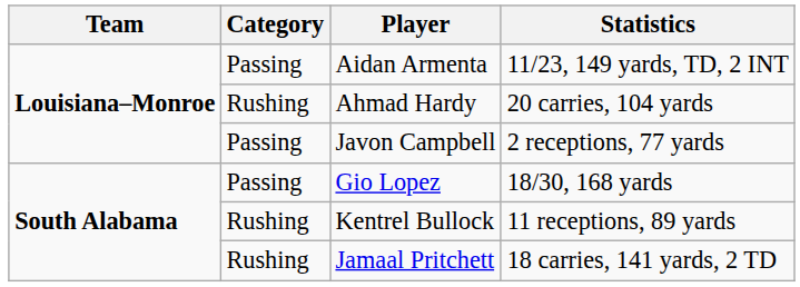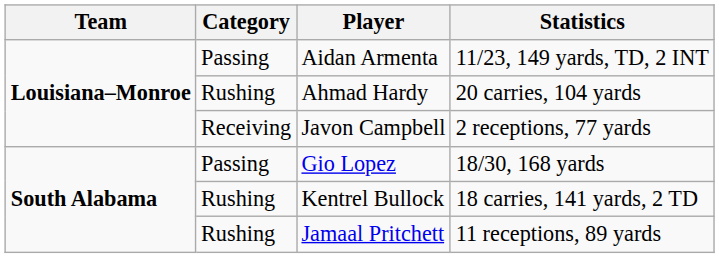 <table class="wikitable" style="float: right;">
 <tr>
 <th>Team</th>
 <th>Category</th>
 <th>Player</th>
 <th>Statistics</th>
 </tr>
 <tr>
 <td rowspan=3><strong>Louisiana–Monroe</strong></td>
 <td>Passing</td>
 <td>Aidan Armenta</td>
 <td>11/23, 149 yards, TD, 2 INT</td>
 </tr>
 <tr>
 <td>Rushing</td>
 <td>Ahmad Hardy</td>
 <td>20 carries, 104 yards</td>
 </tr>
 <tr>
-<td>Passing</td>
+<td>Receiving</td>
 <td>Javon Campbell</td>
 <td>2 receptions, 77 yards</td>
 </tr>
 <tr>
 <td rowspan=3><strong>South Alabama</strong></td>
 <td>Passing</td>
 <td><a href='#'>Gio Lopez</a></td>
 <td>18/30, 168 yards</td>
 </tr>
 <tr>
 <td>Rushing</td>
 <td>Kentrel Bullock</td>
-<td>11 receptions, 89 yards</td>
+<td>18 carries, 141 yards, 2 TD</td>
 </tr>
 <tr>
 <td>Rushing</td>
 <td><a href='#'>Jamaal Pritchett</a></td>
-<td>18 carries, 141 yards, 2 TD</td>
+<td>11 receptions, 89 yards</td>
 </tr>
 </table>
